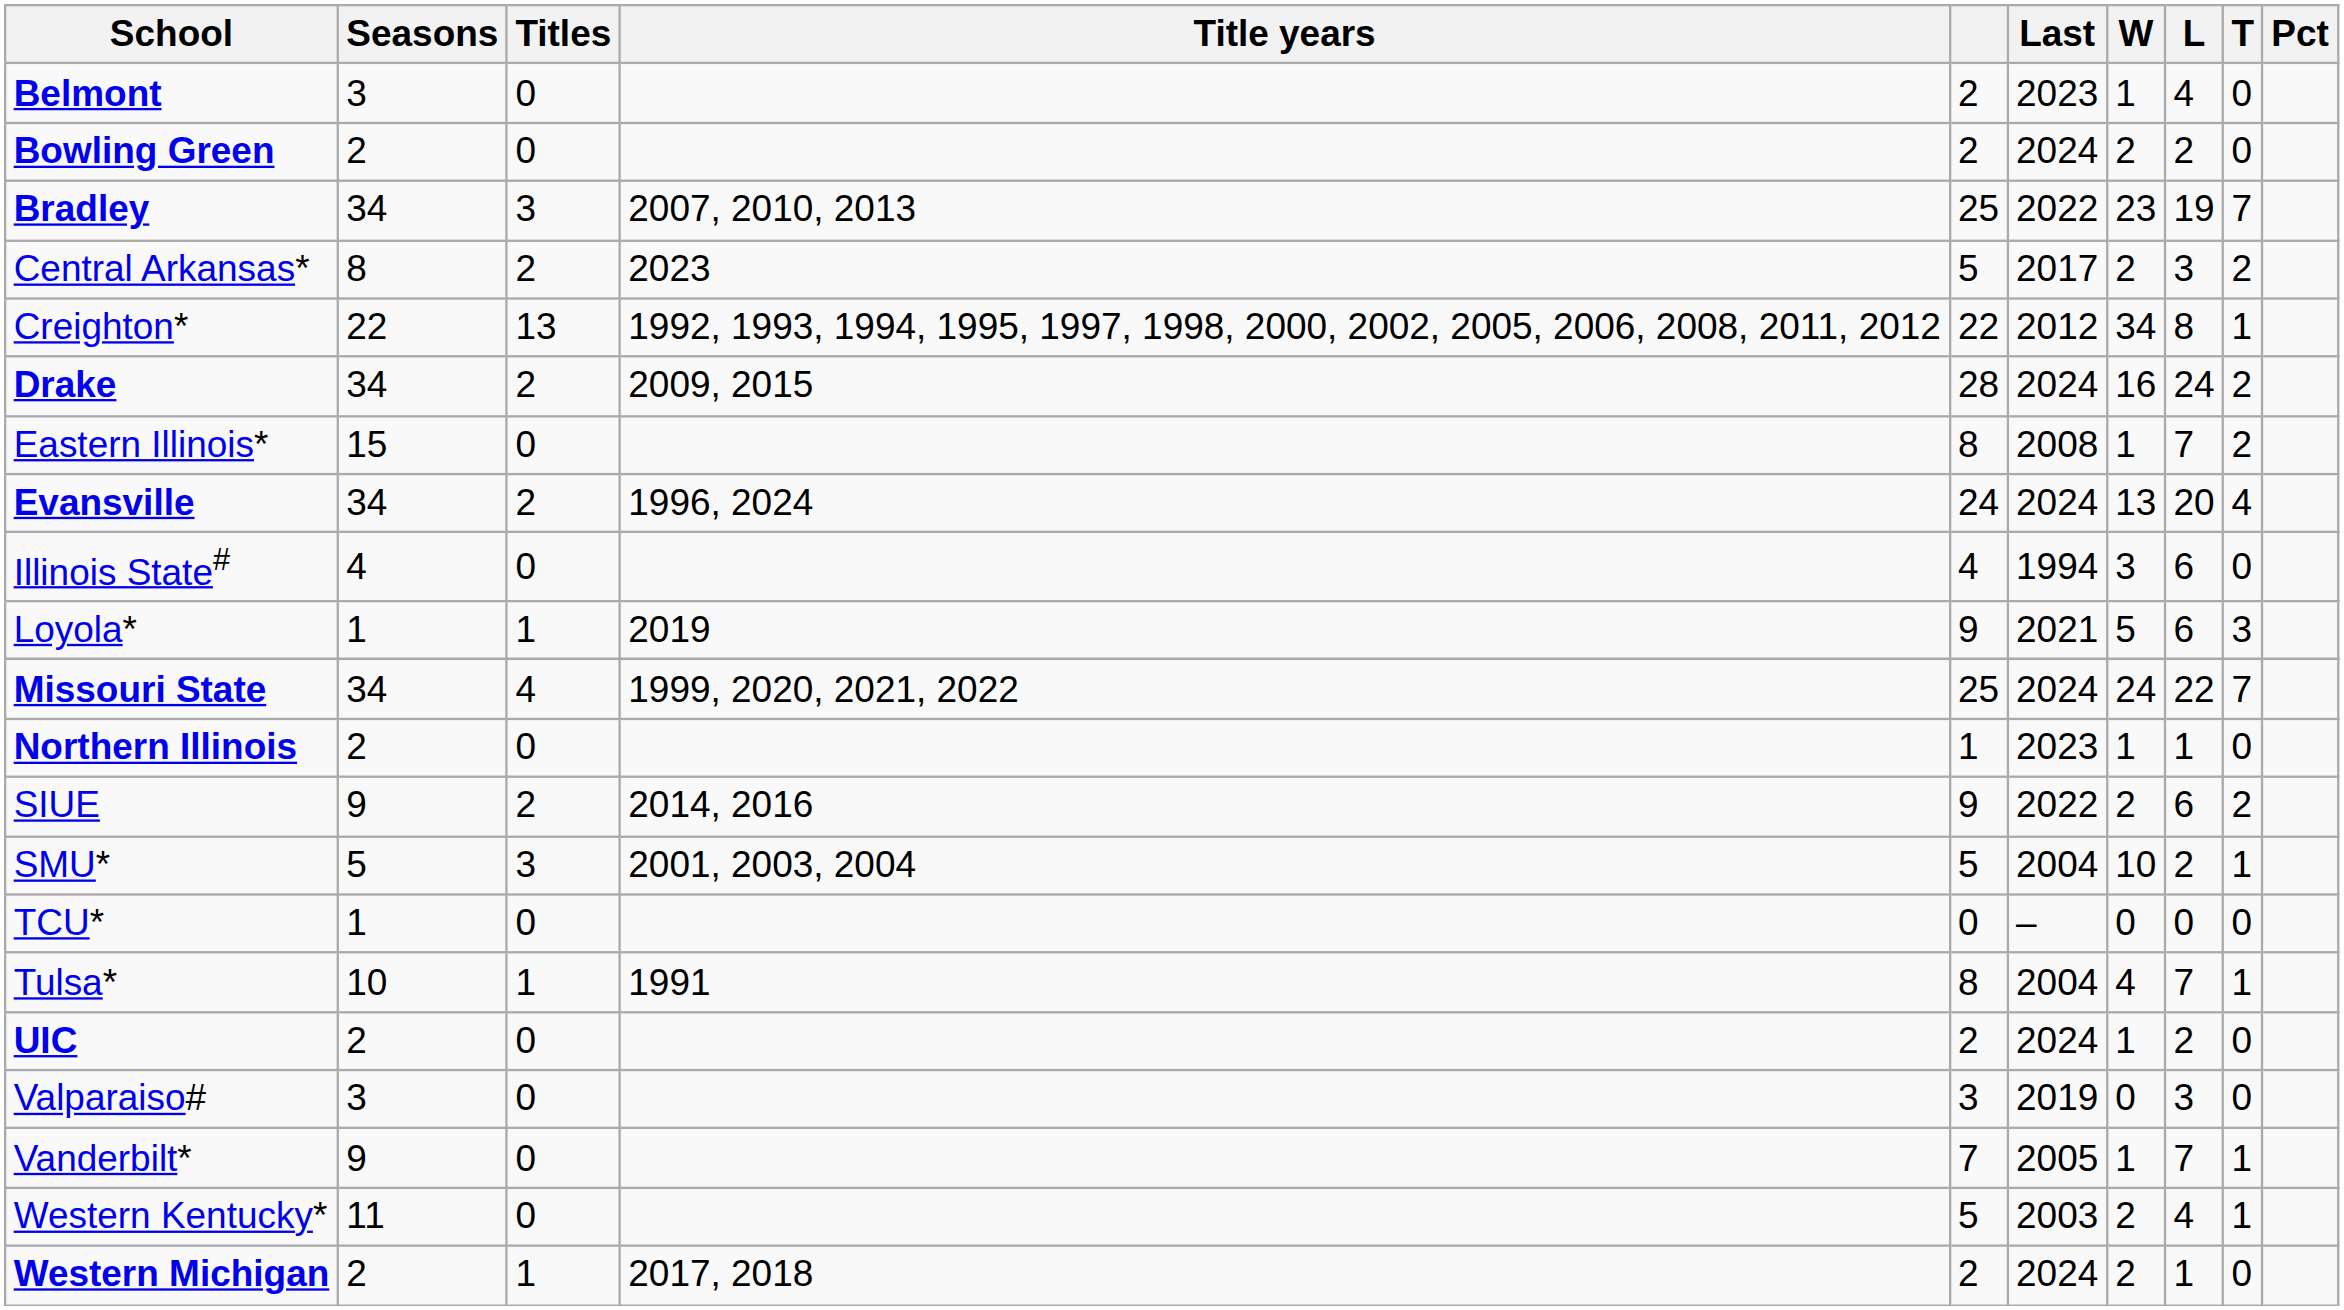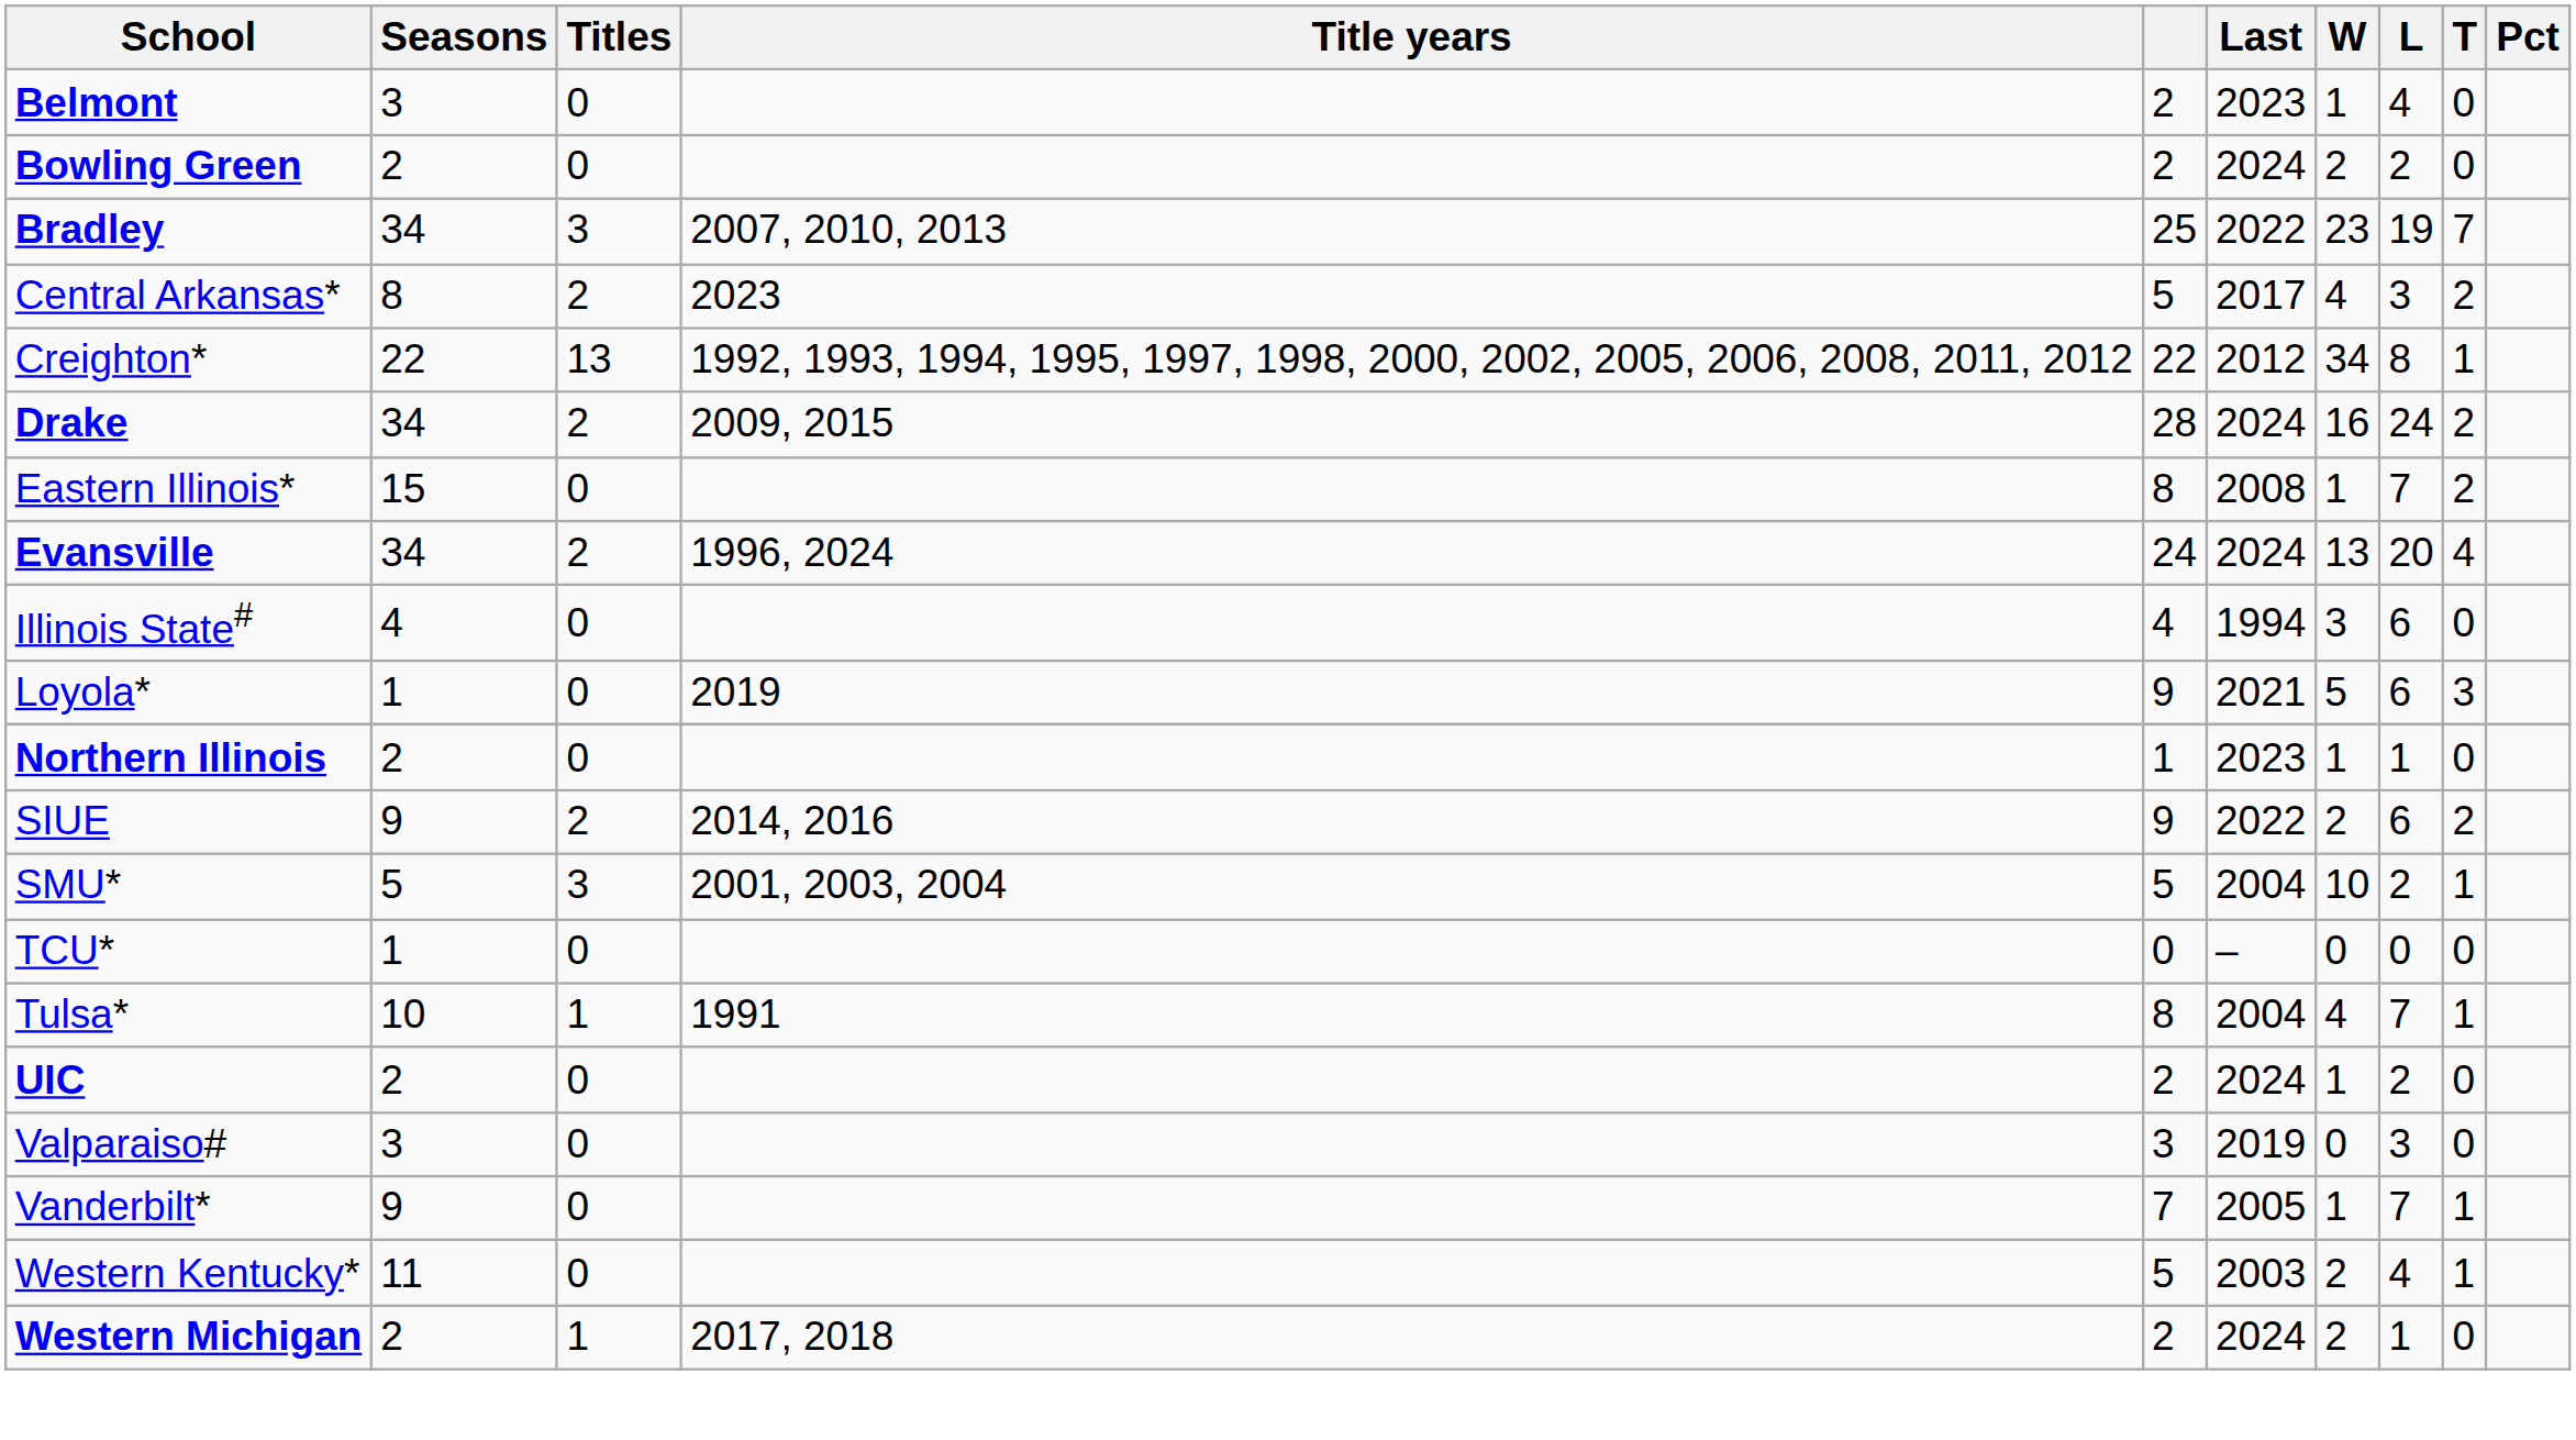 <table class="wikitable sortable">
 <tr>
 <th width=px>School</th>
 <th width=px>Seasons</th>
 <th width=px>Titles</th>
 <th width=px>Title years</th>
 <th width=px></th>
 <th width=px>Last</th>
 <th width=px>W</th>
 <th width=px>L</th>
 <th width=px>T</th>
 <th width=px>Pct</th>
 </tr>
 <tr>
 <td align=left><strong><a href='#'>Belmont</a></strong> </td>
 <td>3</td>
 <td>0</td>
 <td align=left></td>
 <td>2</td>
 <td>2023</td>
 <td>1</td>
 <td>4</td>
 <td>0</td>
 <td></td>
 </tr>
 <tr>
 <td align=left><strong><a href='#'>Bowling Green</a></strong></td>
 <td>2</td>
 <td>0</td>
 <td align=left></td>
 <td>2</td>
 <td>2024</td>
 <td>2</td>
 <td>2</td>
 <td>0</td>
 <td></td>
 </tr>
 <tr>
 <td align=left><strong><a href='#'>Bradley</a></strong> </td>
 <td>34</td>
 <td>3</td>
 <td align=left>2007, 2010, 2013</td>
 <td>25</td>
 <td>2022</td>
 <td>23</td>
 <td>19</td>
 <td>7</td>
 <td></td>
 </tr>
 <tr>
 <td align=left><a href='#'>Central Arkansas</a>* </td>
 <td>8</td>
 <td>2</td>
 <td align=left>2023</td>
 <td>5</td>
 <td>2017</td>
-<td>2</td>
+<td>4</td>
 <td>3</td>
 <td>2</td>
 <td></td>
 </tr>
 <tr>
 <td align=left><a href='#'>Creighton</a>* </td>
 <td>22</td>
 <td>13</td>
 <td align=left>1992, 1993, 1994, 1995, 1997, 1998, 2000, 2002, 2005, 2006, 2008, 2011, 2012</td>
 <td>22</td>
 <td>2012</td>
 <td>34</td>
 <td>8</td>
 <td>1</td>
 <td></td>
 </tr>
 <tr>
 <td align=left><strong><a href='#'>Drake</a></strong> </td>
 <td>34</td>
 <td>2</td>
 <td align=left>2009, 2015</td>
 <td>28</td>
 <td>2024</td>
 <td>16</td>
 <td>24</td>
 <td>2</td>
 <td></td>
 </tr>
 <tr>
 <td align=left><a href='#'>Eastern Illinois</a>* </td>
 <td>15</td>
 <td>0</td>
 <td align=left></td>
 <td>8</td>
 <td>2008</td>
 <td>1</td>
 <td>7</td>
 <td>2</td>
 <td></td>
 </tr>
 <tr>
 <td align=left><strong><a href='#'>Evansville</a></strong> </td>
 <td>34</td>
 <td>2</td>
 <td align=left>1996, 2024</td>
 <td>24</td>
 <td>2024</td>
 <td>13</td>
 <td>20</td>
 <td>4</td>
 <td></td>
 </tr>
 <tr>
 <td align=left><a href='#'>Illinois State</a><sup>#</sup> </td>
 <td>4</td>
 <td>0</td>
 <td align=left></td>
 <td>4</td>
 <td>1994</td>
 <td>3</td>
 <td>6</td>
 <td>0</td>
 <td></td>
 </tr>
 <tr>
 <td align=left><a href='#'>Loyola</a>* </td>
 <td>1</td>
-<td>1</td>
+<td>0</td>
 <td align=left>2019</td>
 <td>9</td>
 <td>2021</td>
 <td>5</td>
 <td>6</td>
 <td>3</td>
 <td></td>
 </tr>
 <tr>
-</tr>
-<tr>
-<td align=left><strong><a href='#'>Missouri State</a></strong> </td>
-<td>34</td>
-<td>4</td>
-<td align=left>1999, 2020, 2021, 2022</td>
-<td>25</td>
-<td>2024</td>
-<td>24</td>
-<td>22</td>
-<td>7</td>
-<td></td>
 </tr>
 <tr>
 <td align=left><strong><a href='#'>Northern Illinois</a></strong></td>
 <td>2</td>
 <td>0</td>
 <td align=left></td>
 <td>1</td>
 <td>2023</td>
 <td>1</td>
 <td>1</td>
 <td>0</td>
 <td></td>
 </tr>
 <tr>
 <td align=left><a href='#'>SIUE</a></td>
 <td>9</td>
 <td>2</td>
 <td align=left>2014, 2016</td>
 <td>9</td>
 <td>2022</td>
 <td>2</td>
 <td>6</td>
 <td>2</td>
 <td></td>
 </tr>
 <tr>
 <td align=left><a href='#'>SMU</a>* </td>
 <td>5</td>
 <td>3</td>
 <td align=left>2001, 2003, 2004</td>
 <td>5</td>
 <td>2004</td>
 <td>10</td>
 <td>2</td>
 <td>1</td>
 <td></td>
 </tr>
 <tr>
 <td align=left><a href='#'>TCU</a>* </td>
 <td>1</td>
 <td>0</td>
 <td align=left></td>
 <td>0</td>
 <td>–</td>
 <td>0</td>
 <td>0</td>
 <td>0</td>
 <td></td>
 </tr>
 <tr>
 <td align=left><a href='#'>Tulsa</a>* </td>
 <td>10</td>
 <td>1</td>
 <td align=left>1991</td>
 <td>8</td>
 <td>2004</td>
 <td>4</td>
 <td>7</td>
 <td>1</td>
 <td></td>
 </tr>
 <tr>
 <td align=left><strong><a href='#'>UIC</a></strong></td>
 <td>2</td>
 <td>0</td>
 <td align=left></td>
 <td>2</td>
 <td>2024</td>
 <td>1</td>
 <td>2</td>
 <td>0</td>
 <td></td>
 </tr>
 <tr>
 <td align=left><a href='#'>Valparaiso</a># </td>
 <td>3</td>
 <td>0</td>
 <td align=left></td>
 <td>3</td>
 <td>2019</td>
 <td>0</td>
 <td>3</td>
 <td>0</td>
 <td></td>
 </tr>
 <tr>
 <td align=left><a href='#'>Vanderbilt</a>* </td>
 <td>9</td>
 <td>0</td>
 <td align=left></td>
 <td>7</td>
 <td>2005</td>
 <td>1</td>
 <td>7</td>
 <td>1</td>
 <td></td>
 </tr>
 <tr>
 <td align=left><a href='#'>Western Kentucky</a>* </td>
 <td>11</td>
 <td>0</td>
 <td align=left></td>
 <td>5</td>
 <td>2003</td>
 <td>2</td>
 <td>4</td>
 <td>1</td>
 <td></td>
 </tr>
 <tr>
 <td align=left><strong><a href='#'>Western Michigan</a></strong></td>
 <td>2</td>
 <td>1</td>
 <td align=left>2017, 2018</td>
 <td>2</td>
 <td>2024</td>
 <td>2</td>
 <td>1</td>
 <td>0</td>
 <td></td>
 </tr>
 </table>
